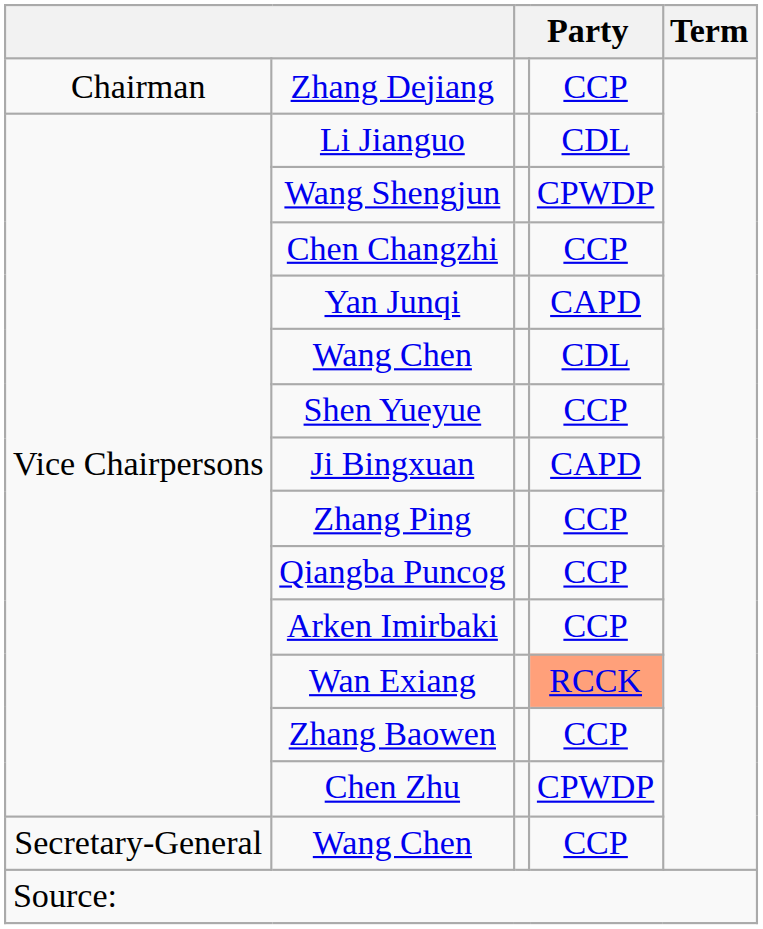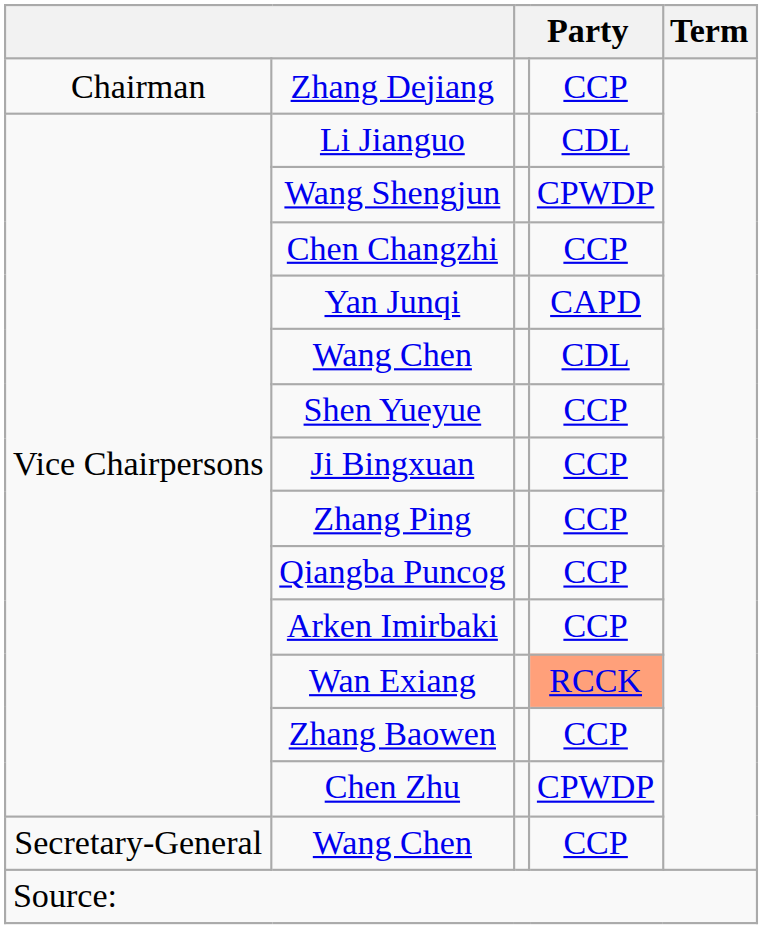 <table class="wikitable" style="text-align:center">
 <tr>
 <th colspan="2"></th>
 <th colspan="2">Party</th>
 <th>Term</th>
 </tr>
 <tr>
 <td>Chairman</td>
 <td><a href='#'>Zhang Dejiang</a></td>
 <td style="background:"></td>
 <td><a href='#'>CCP</a></td>
 <td rowspan="15"></td>
 </tr>
 <tr>
 <td rowspan="13">Vice Chairpersons</td>
 <td><a href='#'>Li Jianguo</a></td>
 <td style="background:"></td>
 <td><a href='#'>CDL</a></td>
 </tr>
 <tr>
 <td><a href='#'>Wang Shengjun</a></td>
 <td style="background:"></td>
 <td><a href='#'>CPWDP</a></td>
 </tr>
 <tr>
 <td><a href='#'>Chen Changzhi</a></td>
 <td style="background:"></td>
 <td><a href='#'>CCP</a></td>
 </tr>
 <tr>
 <td><a href='#'>Yan Junqi</a></td>
 <td style="background:"></td>
 <td><a href='#'>CAPD</a></td>
 </tr>
 <tr>
 <td><a href='#'>Wang Chen</a></td>
 <td style="background:"></td>
 <td><a href='#'>CDL</a></td>
 </tr>
 <tr>
 <td><a href='#'>Shen Yueyue</a></td>
 <td style="background:"></td>
 <td><a href='#'>CCP</a></td>
 </tr>
 <tr>
 <td><a href='#'>Ji Bingxuan</a></td>
 <td style="background:"></td>
-<td><a href='#'>CAPD</a></td>
+<td><a href='#'>CCP</a></td>
 </tr>
 <tr>
 <td><a href='#'>Zhang Ping</a></td>
 <td style="background:"></td>
 <td><a href='#'>CCP</a></td>
 </tr>
 <tr>
 <td><a href='#'>Qiangba Puncog</a></td>
 <td style="background:"></td>
 <td><a href='#'>CCP</a></td>
 </tr>
 <tr>
 <td><a href='#'>Arken Imirbaki</a></td>
 <td style="background:"></td>
 <td><a href='#'>CCP</a></td>
 </tr>
 <tr>
 <td><a href='#'>Wan Exiang</a></td>
 <td style="background:"></td>
 <td style="background: lightsalmon;"><a href='#'>RCCK</a></td>
 </tr>
 <tr>
 <td><a href='#'>Zhang Baowen</a></td>
 <td style="background:"></td>
 <td><a href='#'>CCP</a></td>
 </tr>
 <tr>
 <td><a href='#'>Chen Zhu</a></td>
 <td style="background:"></td>
 <td><a href='#'>CPWDP</a></td>
 </tr>
 <tr>
 <td>Secretary-General</td>
 <td><a href='#'>Wang Chen</a></td>
 <td style="background:"></td>
 <td><a href='#'>CCP</a></td>
 </tr>
 <tr>
 <td colspan="5" align="left">Source:</td>
 </tr>
 </table>
